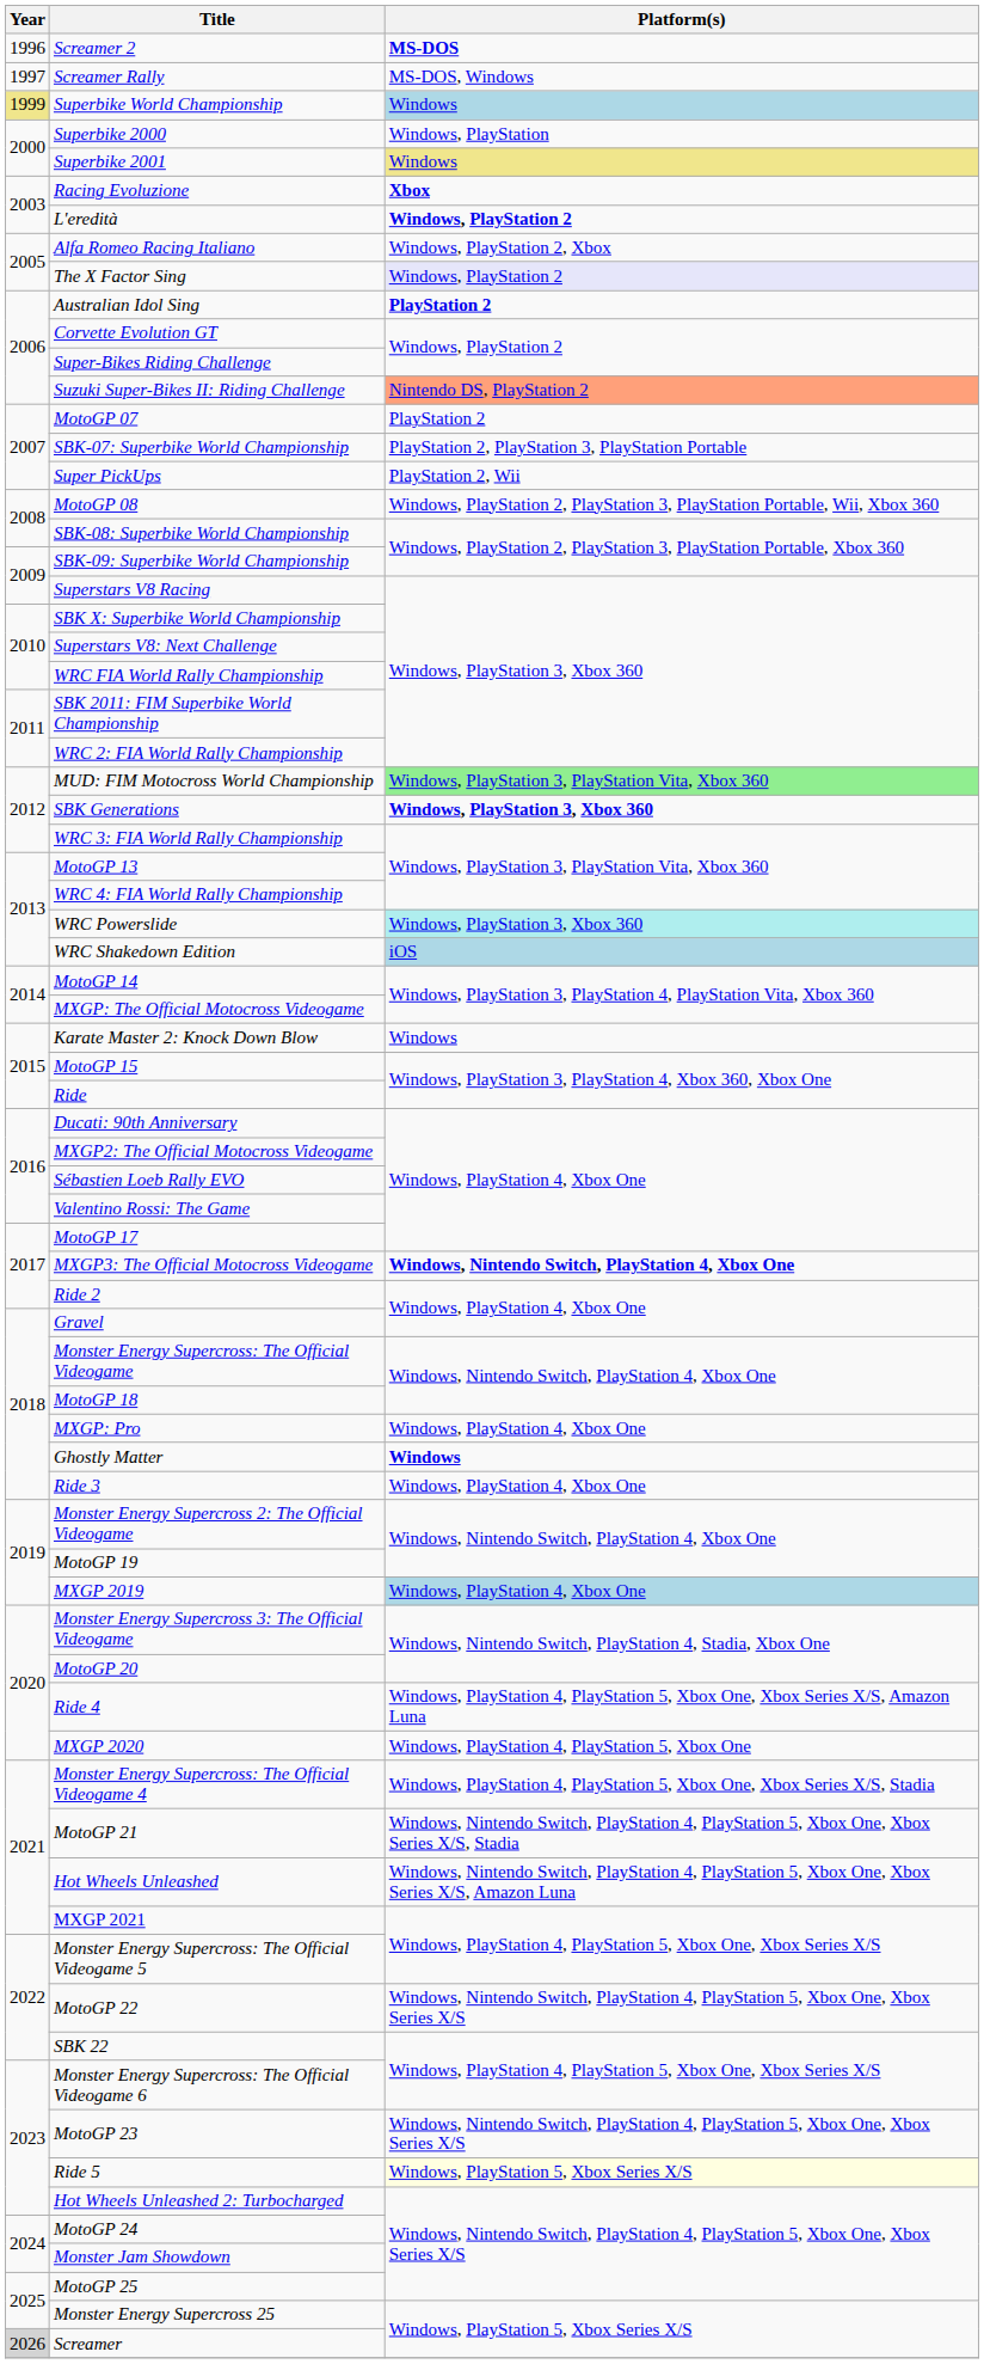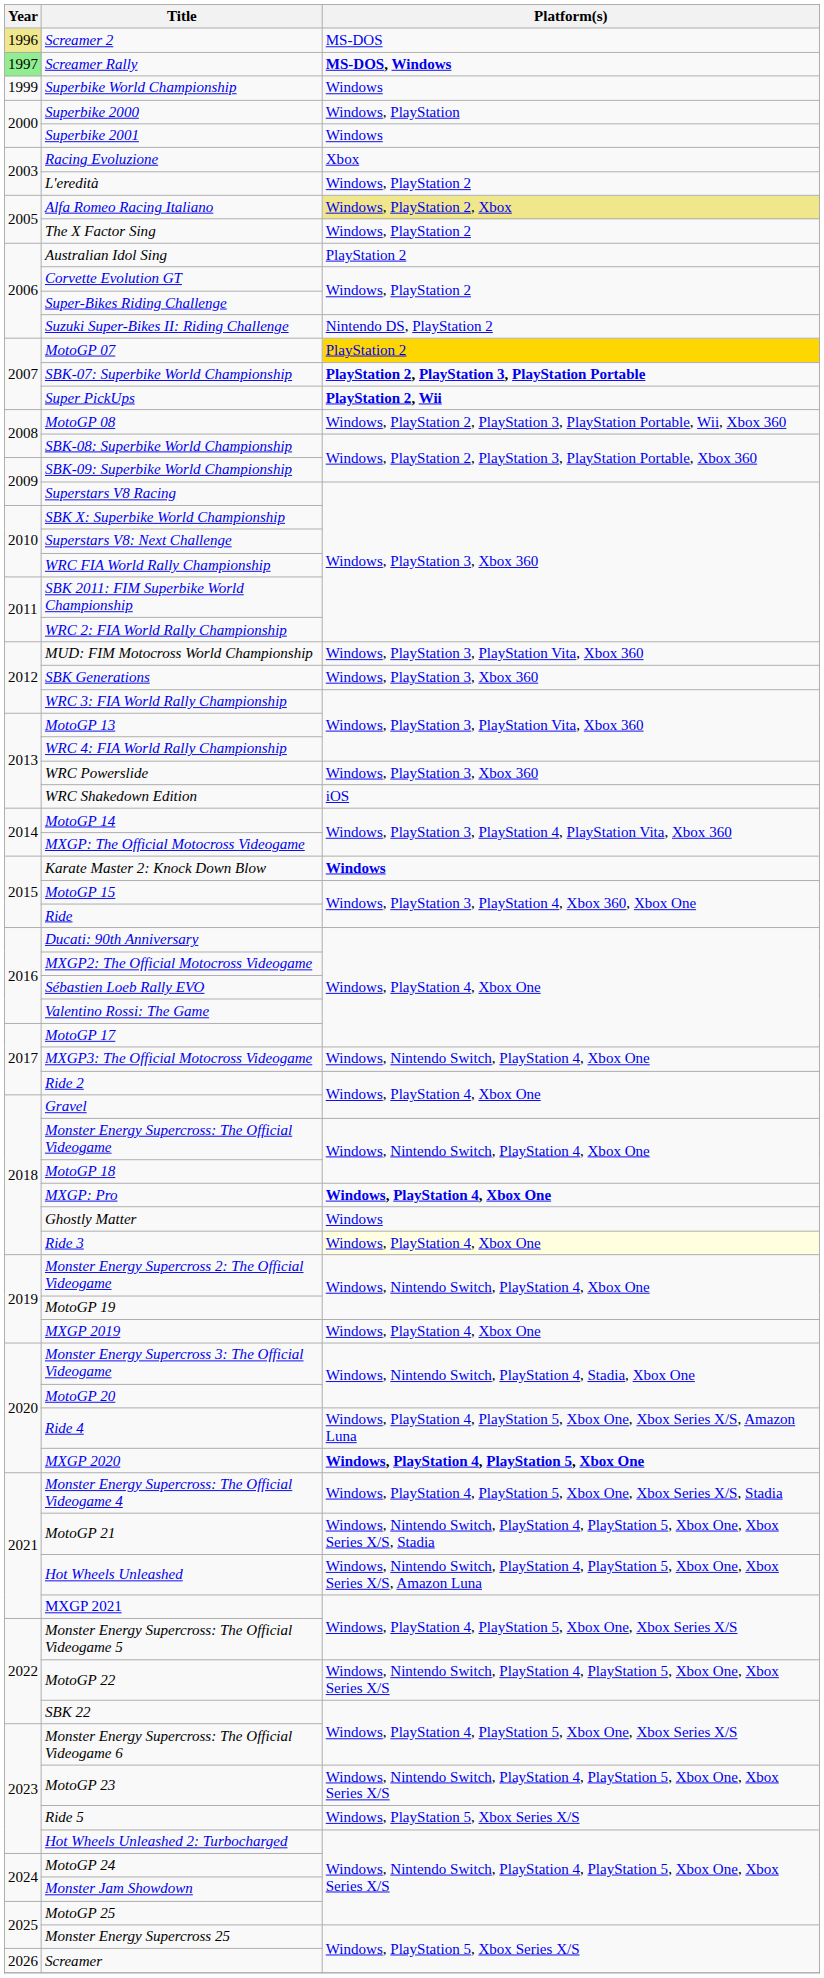 <table class="wikitable sortable">
 <tr>
 <th>Year</th>
 <th>Title</th>
 <th>Platform(s)</th>
 </tr>
 <tr>
-<td>1996</td>
+<td style="background: khaki;">1996</td>
 <td><em><a href='#'>Screamer 2</a></em></td>
-<td><strong><a href='#'>MS-DOS</a></strong></td>
+<td><a href='#'>MS-DOS</a></td>
 </tr>
 <tr>
-<td>1997</td>
+<td style="background: lightgreen;">1997</td>
 <td><em><a href='#'>Screamer Rally</a></em></td>
-<td><a href='#'>MS-DOS</a>, <a href='#'>Windows</a></td>
+<td><strong><a href='#'>MS-DOS</a>, <a href='#'>Windows</a></strong></td>
 </tr>
 <tr>
-<td style="background: khaki;">1999</td>
+<td>1999</td>
 <td><em><a href='#'>Superbike World Championship</a></em></td>
-<td style="background: lightblue;"><a href='#'>Windows</a></td>
+<td><a href='#'>Windows</a></td>
 </tr>
 <tr>
 <td rowspan="2">2000</td>
 <td><em><a href='#'>Superbike 2000</a></em></td>
 <td><a href='#'>Windows</a>, <a href='#'>PlayStation</a></td>
 </tr>
 <tr>
 <td><em><a href='#'>Superbike 2001</a></em></td>
-<td style="background: khaki;"><a href='#'>Windows</a></td>
+<td><a href='#'>Windows</a></td>
 </tr>
 <tr>
 <td rowspan="2">2003</td>
 <td><em><a href='#'>Racing Evoluzione</a></em></td>
-<td><strong><a href='#'>Xbox</a></strong></td>
+<td><a href='#'>Xbox</a></td>
 </tr>
 <tr>
 <td><em>L'eredità</em></td>
-<td><strong><a href='#'>Windows</a>, <a href='#'>PlayStation 2</a></strong></td>
+<td><a href='#'>Windows</a>, <a href='#'>PlayStation 2</a></td>
 </tr>
 <tr>
 <td rowspan="2">2005</td>
 <td><em><a href='#'>Alfa Romeo Racing Italiano</a></em></td>
-<td><a href='#'>Windows</a>, <a href='#'>PlayStation 2</a>, <a href='#'>Xbox</a></td>
+<td style="background: khaki;"><a href='#'>Windows</a>, <a href='#'>PlayStation 2</a>, <a href='#'>Xbox</a></td>
 </tr>
 <tr>
 <td><em>The X Factor Sing</em></td>
-<td style="background: lavender;"><a href='#'>Windows</a>, <a href='#'>PlayStation 2</a></td>
+<td><a href='#'>Windows</a>, <a href='#'>PlayStation 2</a></td>
 </tr>
 <tr>
 <td rowspan="4">2006</td>
 <td><em>Australian Idol Sing</em></td>
-<td><strong><a href='#'>PlayStation 2</a></strong></td>
+<td><a href='#'>PlayStation 2</a></td>
 </tr>
 <tr>
 <td><em><a href='#'>Corvette Evolution GT</a></em></td>
 <td rowspan="2"><a href='#'>Windows</a>, <a href='#'>PlayStation 2</a></td>
 </tr>
 <tr>
 <td><em><a href='#'>Super-Bikes Riding Challenge</a></em></td>
 </tr>
 <tr>
 <td><em><a href='#'>Suzuki Super-Bikes II: Riding Challenge</a></em></td>
-<td style="background: lightsalmon;"><a href='#'>Nintendo DS</a>, <a href='#'>PlayStation 2</a></td>
+<td><a href='#'>Nintendo DS</a>, <a href='#'>PlayStation 2</a></td>
 </tr>
 <tr>
 <td rowspan="3">2007</td>
 <td><em><a href='#'>MotoGP 07</a></em></td>
-<td><a href='#'>PlayStation 2</a></td>
+<td style="background: gold;"><a href='#'>PlayStation 2</a></td>
 </tr>
 <tr>
 <td><em><a href='#'>SBK-07: Superbike World Championship</a></em></td>
-<td><a href='#'>PlayStation 2</a>, <a href='#'>PlayStation 3</a>, <a href='#'>PlayStation Portable</a></td>
+<td><strong><a href='#'>PlayStation 2</a>, <a href='#'>PlayStation 3</a>, <a href='#'>PlayStation Portable</a></strong></td>
 </tr>
 <tr>
 <td><em><a href='#'>Super PickUps</a></em></td>
-<td><a href='#'>PlayStation 2</a>, <a href='#'>Wii</a></td>
+<td><strong><a href='#'>PlayStation 2</a>, <a href='#'>Wii</a></strong></td>
 </tr>
 <tr>
 <td rowspan="2">2008</td>
 <td><em><a href='#'>MotoGP 08</a></em></td>
 <td><a href='#'>Windows</a>, <a href='#'>PlayStation 2</a>, <a href='#'>PlayStation 3</a>, <a href='#'>PlayStation Portable</a>, <a href='#'>Wii</a>, <a href='#'>Xbox 360</a></td>
 </tr>
 <tr>
 <td><em><a href='#'>SBK-08: Superbike World Championship</a></em></td>
 <td rowspan="2"><a href='#'>Windows</a>, <a href='#'>PlayStation 2</a>, <a href='#'>PlayStation 3</a>, <a href='#'>PlayStation Portable</a>, <a href='#'>Xbox 360</a></td>
 </tr>
 <tr>
 <td rowspan="2">2009</td>
 <td><em><a href='#'>SBK-09: Superbike World Championship</a></em></td>
 </tr>
 <tr>
 <td><em><a href='#'>Superstars V8 Racing</a></em></td>
 <td rowspan="6"><a href='#'>Windows</a>, <a href='#'>PlayStation 3</a>, <a href='#'>Xbox 360</a></td>
 </tr>
 <tr>
 <td rowspan="3">2010</td>
 <td><em><a href='#'>SBK X: Superbike World Championship</a></em></td>
 </tr>
 <tr>
 <td><em><a href='#'>Superstars V8: Next Challenge</a></em></td>
 </tr>
 <tr>
 <td><em><a href='#'>WRC FIA World Rally Championship</a></em></td>
 </tr>
 <tr>
 <td rowspan="2">2011</td>
 <td><em><a href='#'>SBK 2011: FIM Superbike World Championship</a></em></td>
 </tr>
 <tr>
 <td><em><a href='#'>WRC 2: FIA World Rally Championship</a></em></td>
 </tr>
 <tr>
 <td rowspan="3">2012</td>
 <td><em>MUD: FIM Motocross World Championship</em></td>
-<td style="background: lightgreen;"><a href='#'>Windows</a>, <a href='#'>PlayStation 3</a>, <a href='#'>PlayStation Vita</a>, <a href='#'>Xbox 360</a></td>
+<td><a href='#'>Windows</a>, <a href='#'>PlayStation 3</a>, <a href='#'>PlayStation Vita</a>, <a href='#'>Xbox 360</a></td>
 </tr>
 <tr>
 <td><em><a href='#'>SBK Generations</a></em></td>
-<td><strong><a href='#'>Windows</a>, <a href='#'>PlayStation 3</a>, <a href='#'>Xbox 360</a></strong></td>
+<td><a href='#'>Windows</a>, <a href='#'>PlayStation 3</a>, <a href='#'>Xbox 360</a></td>
 </tr>
 <tr>
 <td><em><a href='#'>WRC 3: FIA World Rally Championship</a></em></td>
 <td rowspan="3"><a href='#'>Windows</a>, <a href='#'>PlayStation 3</a>, <a href='#'>PlayStation Vita</a>, <a href='#'>Xbox 360</a></td>
 </tr>
 <tr>
 <td rowspan="4">2013</td>
 <td><em><a href='#'>MotoGP 13</a></em></td>
 </tr>
 <tr>
 <td><em><a href='#'>WRC 4: FIA World Rally Championship</a></em></td>
 </tr>
 <tr>
 <td><em>WRC Powerslide</em></td>
-<td style="background: paleturquoise;"><a href='#'>Windows</a>, <a href='#'>PlayStation 3</a>, <a href='#'>Xbox 360</a></td>
+<td><a href='#'>Windows</a>, <a href='#'>PlayStation 3</a>, <a href='#'>Xbox 360</a></td>
 </tr>
 <tr>
 <td><em>WRC Shakedown Edition</em></td>
-<td style="background: lightblue;"><a href='#'>iOS</a></td>
+<td><a href='#'>iOS</a></td>
 </tr>
 <tr>
 <td rowspan="2">2014</td>
 <td><em><a href='#'>MotoGP 14</a></em></td>
 <td rowspan="2"><a href='#'>Windows</a>, <a href='#'>PlayStation 3</a>, <a href='#'>PlayStation 4</a>, <a href='#'>PlayStation Vita</a>, <a href='#'>Xbox 360</a></td>
 </tr>
 <tr>
 <td><em><a href='#'>MXGP: The Official Motocross Videogame</a></em></td>
 </tr>
 <tr>
 <td rowspan="3">2015</td>
 <td><em>Karate Master 2: Knock Down Blow</em></td>
-<td><a href='#'>Windows</a></td>
+<td><strong><a href='#'>Windows</a></strong></td>
 </tr>
 <tr>
 <td><em><a href='#'>MotoGP 15</a></em></td>
 <td rowspan="2"><a href='#'>Windows</a>, <a href='#'>PlayStation 3</a>, <a href='#'>PlayStation 4</a>, <a href='#'>Xbox 360</a>, <a href='#'>Xbox One</a></td>
 </tr>
 <tr>
 <td><em><a href='#'>Ride</a></em></td>
 </tr>
 <tr>
 <td rowspan="4">2016</td>
 <td><em><a href='#'>Ducati: 90th Anniversary</a></em></td>
 <td rowspan="5"><a href='#'>Windows</a>, <a href='#'>PlayStation 4</a>, <a href='#'>Xbox One</a></td>
 </tr>
 <tr>
 <td><em><a href='#'>MXGP2: The Official Motocross Videogame</a></em></td>
 </tr>
 <tr>
 <td><em><a href='#'>Sébastien Loeb Rally EVO</a></em></td>
 </tr>
 <tr>
 <td><em><a href='#'>Valentino Rossi: The Game</a></em></td>
 </tr>
 <tr>
 <td rowspan="3">2017</td>
 <td><em><a href='#'>MotoGP 17</a></em></td>
 </tr>
 <tr>
 <td><em><a href='#'>MXGP3: The Official Motocross Videogame</a></em></td>
-<td><strong><a href='#'>Windows</a>, <a href='#'>Nintendo Switch</a>, <a href='#'>PlayStation 4</a>, <a href='#'>Xbox One</a></strong></td>
+<td><a href='#'>Windows</a>, <a href='#'>Nintendo Switch</a>, <a href='#'>PlayStation 4</a>, <a href='#'>Xbox One</a></td>
 </tr>
 <tr>
 <td><em><a href='#'>Ride 2</a></em></td>
 <td rowspan="2"><a href='#'>Windows</a>, <a href='#'>PlayStation 4</a>, <a href='#'>Xbox One</a></td>
 </tr>
 <tr>
 <td rowspan="6">2018</td>
 <td><em><a href='#'>Gravel</a></em></td>
 </tr>
 <tr>
 <td><em><a href='#'>Monster Energy Supercross: The Official Videogame</a></em></td>
 <td rowspan="2"><a href='#'>Windows</a>, <a href='#'>Nintendo Switch</a>, <a href='#'>PlayStation 4</a>, <a href='#'>Xbox One</a></td>
 </tr>
 <tr>
 <td><em><a href='#'>MotoGP 18</a></em></td>
 </tr>
 <tr>
 <td><em><a href='#'>MXGP: Pro</a></em></td>
-<td><a href='#'>Windows</a>, <a href='#'>PlayStation 4</a>, <a href='#'>Xbox One</a></td>
+<td><strong><a href='#'>Windows</a>, <a href='#'>PlayStation 4</a>, <a href='#'>Xbox One</a></strong></td>
 </tr>
 <tr>
 <td><em>Ghostly Matter</em></td>
-<td><strong><a href='#'>Windows</a></strong></td>
+<td><a href='#'>Windows</a></td>
 </tr>
 <tr>
 <td><em><a href='#'>Ride 3</a></em></td>
-<td><a href='#'>Windows</a>, <a href='#'>PlayStation 4</a>, <a href='#'>Xbox One</a></td>
+<td style="background: lightyellow;"><a href='#'>Windows</a>, <a href='#'>PlayStation 4</a>, <a href='#'>Xbox One</a></td>
 </tr>
 <tr>
 <td rowspan="3">2019</td>
 <td><em><a href='#'>Monster Energy Supercross 2: The Official Videogame</a></em></td>
 <td rowspan="2"><a href='#'>Windows</a>, <a href='#'>Nintendo Switch</a>, <a href='#'>PlayStation 4</a>, <a href='#'>Xbox One</a></td>
 </tr>
 <tr>
 <td><em>MotoGP 19</em></td>
 </tr>
 <tr>
 <td><em><a href='#'>MXGP 2019</a></em></td>
-<td style="background: lightblue;"><a href='#'>Windows</a>, <a href='#'>PlayStation 4</a>, <a href='#'>Xbox One</a></td>
+<td><a href='#'>Windows</a>, <a href='#'>PlayStation 4</a>, <a href='#'>Xbox One</a></td>
 </tr>
 <tr>
 <td rowspan="4">2020</td>
 <td><em><a href='#'>Monster Energy Supercross 3: The Official Videogame</a></em></td>
 <td rowspan="2"><a href='#'>Windows</a>, <a href='#'>Nintendo Switch</a>, <a href='#'>PlayStation 4</a>, <a href='#'>Stadia</a>, <a href='#'>Xbox One</a></td>
 </tr>
 <tr>
 <td><em><a href='#'>MotoGP 20</a></em></td>
 </tr>
 <tr>
 <td><em><a href='#'>Ride 4</a></em></td>
 <td><a href='#'>Windows</a>, <a href='#'>PlayStation 4</a>, <a href='#'>PlayStation 5</a>, <a href='#'>Xbox One</a>, <a href='#'>Xbox Series X/S</a>, <a href='#'>Amazon Luna</a></td>
 </tr>
 <tr>
 <td><em><a href='#'>MXGP 2020</a></em></td>
-<td><a href='#'>Windows</a>, <a href='#'>PlayStation 4</a>, <a href='#'>PlayStation 5</a>, <a href='#'>Xbox One</a></td>
+<td><strong><a href='#'>Windows</a>, <a href='#'>PlayStation 4</a>, <a href='#'>PlayStation 5</a>, <a href='#'>Xbox One</a></strong></td>
 </tr>
 <tr>
 <td rowspan="4">2021</td>
 <td><em><a href='#'>Monster Energy Supercross: The Official Videogame 4</a></em></td>
 <td><a href='#'>Windows</a>, <a href='#'>PlayStation 4</a>, <a href='#'>PlayStation 5</a>, <a href='#'>Xbox One</a>, <a href='#'>Xbox Series X/S</a>, <a href='#'>Stadia</a></td>
 </tr>
 <tr>
 <td><em>MotoGP 21</em></td>
 <td><a href='#'>Windows</a>, <a href='#'>Nintendo Switch</a>, <a href='#'>PlayStation 4</a>, <a href='#'>PlayStation 5</a>, <a href='#'>Xbox One</a>, <a href='#'>Xbox Series X/S</a>, <a href='#'>Stadia</a></td>
 </tr>
 <tr>
 <td><em><a href='#'>Hot Wheels Unleashed</a></em></td>
 <td><a href='#'>Windows</a>, <a href='#'>Nintendo Switch</a>, <a href='#'>PlayStation 4</a>, <a href='#'>PlayStation 5</a>, <a href='#'>Xbox One</a>, <a href='#'>Xbox Series X/S</a>, <a href='#'>Amazon Luna</a></td>
 </tr>
 <tr>
 <td><a href='#'>MXGP 2021</a></td>
 <td rowspan="2"><a href='#'>Windows</a>, <a href='#'>PlayStation 4</a>, <a href='#'>PlayStation 5</a>, <a href='#'>Xbox One</a>, <a href='#'>Xbox Series X/S</a></td>
 </tr>
 <tr>
 <td rowspan="3">2022</td>
 <td><em>Monster Energy Supercross: The Official Videogame 5</em></td>
 </tr>
 <tr>
 <td><em>MotoGP 22</em></td>
 <td><a href='#'>Windows</a>, <a href='#'>Nintendo Switch</a>, <a href='#'>PlayStation 4</a>, <a href='#'>PlayStation 5</a>, <a href='#'>Xbox One</a>, <a href='#'>Xbox Series X/S</a></td>
 </tr>
 <tr>
 <td><em>SBK 22</em></td>
 <td rowspan="2"><a href='#'>Windows</a>, <a href='#'>PlayStation 4</a>, <a href='#'>PlayStation 5</a>, <a href='#'>Xbox One</a>, <a href='#'>Xbox Series X/S</a></td>
 </tr>
 <tr>
 <td rowspan="4">2023</td>
 <td><em>Monster Energy Supercross: The Official Videogame 6</em></td>
 </tr>
 <tr>
 <td><em>MotoGP 23</em></td>
 <td><a href='#'>Windows</a>, <a href='#'>Nintendo Switch</a>, <a href='#'>PlayStation 4</a>, <a href='#'>PlayStation 5</a>, <a href='#'>Xbox One</a>, <a href='#'>Xbox Series X/S</a></td>
 </tr>
 <tr>
 <td><em>Ride 5</em></td>
-<td style="background: lightyellow;"><a href='#'>Windows</a>, <a href='#'>PlayStation 5</a>, <a href='#'>Xbox Series X/S</a></td>
+<td><a href='#'>Windows</a>, <a href='#'>PlayStation 5</a>, <a href='#'>Xbox Series X/S</a></td>
 </tr>
 <tr>
 <td><em><a href='#'>Hot Wheels Unleashed 2: Turbocharged</a></em></td>
 <td rowspan="4"><a href='#'>Windows</a>, <a href='#'>Nintendo Switch</a>, <a href='#'>PlayStation 4</a>, <a href='#'>PlayStation 5</a>, <a href='#'>Xbox One</a>, <a href='#'>Xbox Series X/S</a></td>
 </tr>
 <tr>
 <td rowspan="2">2024</td>
 <td><em>MotoGP 24</em></td>
 </tr>
 <tr>
 <td><em><a href='#'>Monster Jam Showdown</a></em></td>
 </tr>
 <tr>
 <td rowspan="2">2025</td>
 <td><em>MotoGP 25</em></td>
 </tr>
 <tr>
 <td><em>Monster Energy Supercross 25</em></td>
 <td rowspan="2"><a href='#'>Windows</a>, <a href='#'>PlayStation 5</a>, <a href='#'>Xbox Series X/S</a></td>
 </tr>
 <tr>
-<td style="background: lightgrey;">2026</td>
+<td>2026</td>
 <td><em>Screamer</em></td>
 </tr>
 <tr>
 </tr>
 </table>
